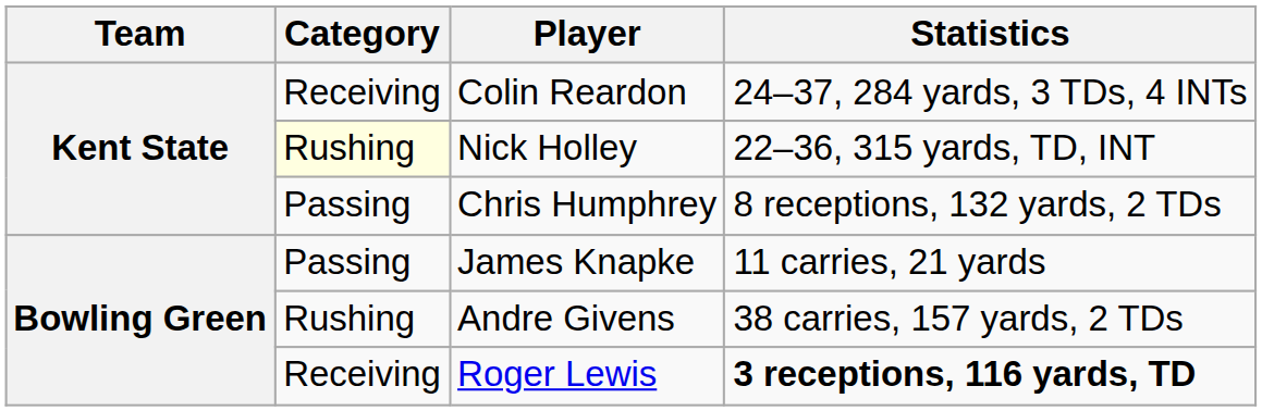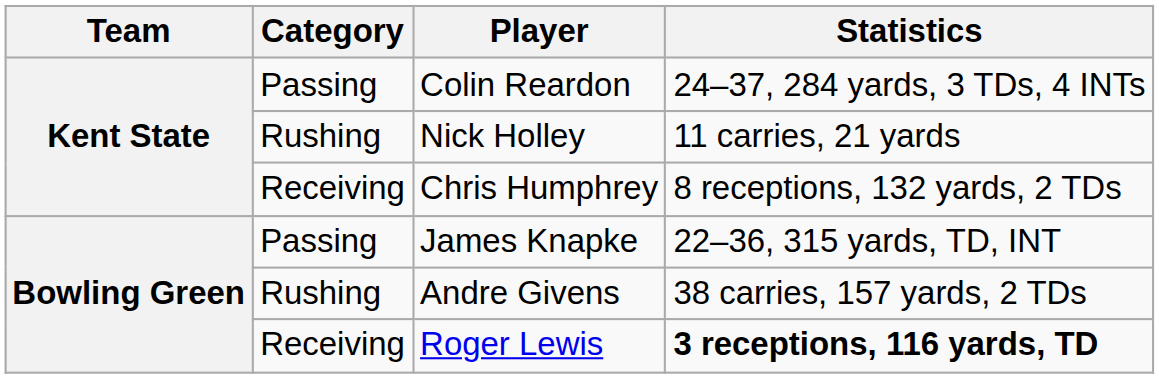 <table class="wikitable" style="float:right">
 <tr>
 <th>Team</th>
 <th>Category</th>
 <th>Player</th>
 <th>Statistics</th>
 </tr>
 <tr>
 <th rowspan=3>Kent State</th>
-<td>Receiving</td>
+<td>Passing</td>
 <td>Colin Reardon</td>
 <td>24–37, 284 yards, 3 TDs, 4 INTs</td>
 </tr>
 <tr>
-<td style="background: lightyellow;">Rushing</td>
+<td>Rushing</td>
 <td>Nick Holley</td>
-<td>22–36, 315 yards, TD, INT</td>
+<td>11 carries, 21 yards</td>
 </tr>
 <tr>
-<td>Passing</td>
+<td>Receiving</td>
 <td>Chris Humphrey</td>
 <td>8 receptions, 132 yards, 2 TDs</td>
 </tr>
 <tr>
 <th rowspan=3>Bowling Green</th>
 <td>Passing</td>
 <td>James Knapke</td>
-<td>11 carries, 21 yards</td>
+<td>22–36, 315 yards, TD, INT</td>
 </tr>
 <tr>
 <td>Rushing</td>
 <td>Andre Givens</td>
 <td>38 carries, 157 yards, 2 TDs</td>
 </tr>
 <tr>
 <td>Receiving</td>
 <td><a href='#'>Roger Lewis</a></td>
 <td><strong>3 receptions, 116 yards, TD</strong></td>
 </tr>
 </table>
